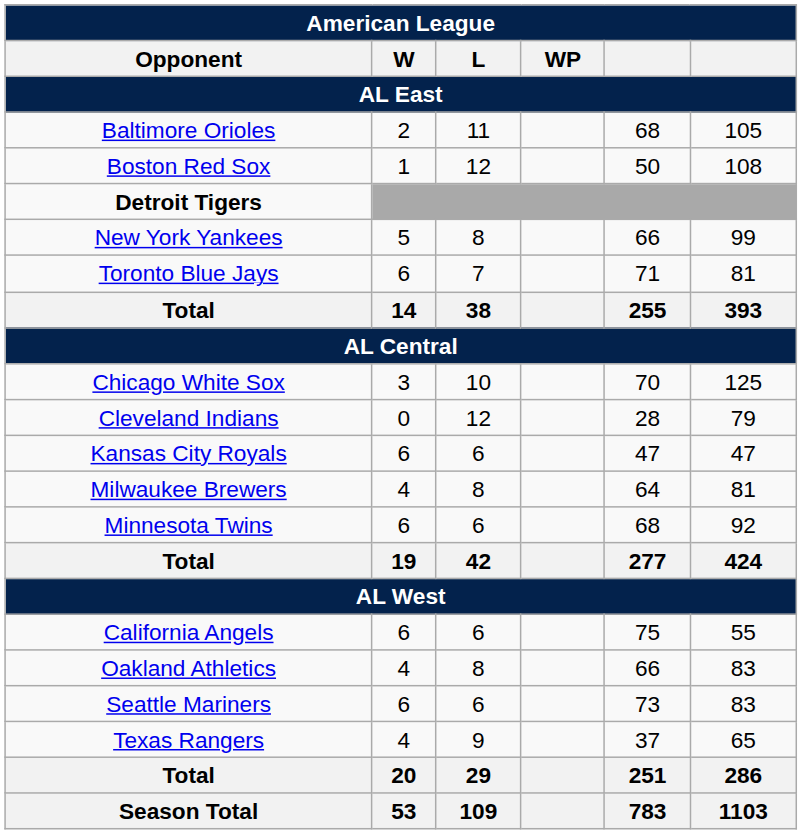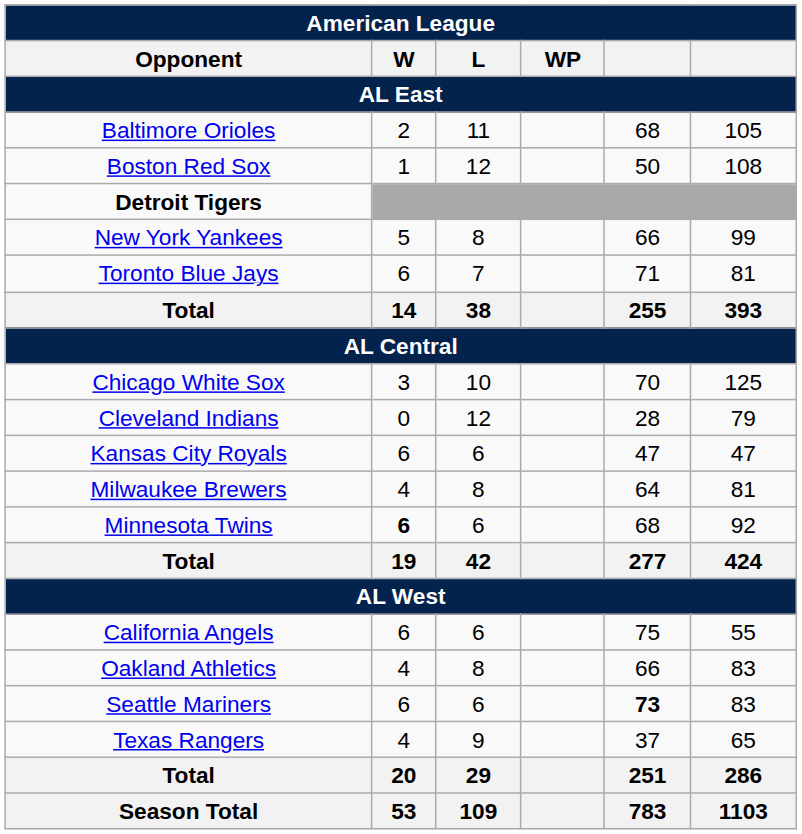 <table class="wikitable" style="font-size:95%; text-align:center; width:35em;margin: 0.5em auto;">
 <tr>
 <th colspan="7" style="background:#03224c; color:#ffffff;">American League</th>
 </tr>
 <tr>
 <th>Opponent</th>
 <th>W</th>
 <th>L</th>
 <th>WP</th>
 <th></th>
 <th></th>
 </tr>
 <tr>
 <th colspan="7" style="background:#03224c; color:#ffffff;">AL East</th>
 </tr>
 <tr>
 <td><a href='#'>Baltimore Orioles</a></td>
 <td>2</td>
 <td>11</td>
 <td></td>
 <td>68</td>
 <td>105</td>
 </tr>
 <tr>
 <td><a href='#'>Boston Red Sox</a></td>
 <td>1</td>
 <td>12</td>
 <td></td>
 <td>50</td>
 <td>108</td>
 </tr>
 <tr>
 <td><strong>Detroit Tigers</strong></td>
 <td colspan=5 style="background:darkgray;"></td>
 </tr>
 <tr>
 <td><a href='#'>New York Yankees</a></td>
 <td>5</td>
 <td>8</td>
 <td></td>
 <td>66</td>
 <td>99</td>
 </tr>
 <tr>
 <td><a href='#'>Toronto Blue Jays</a></td>
 <td>6</td>
 <td>7</td>
 <td></td>
 <td>71</td>
 <td>81</td>
 </tr>
 <tr>
 <th>Total</th>
 <th>14</th>
 <th>38</th>
 <th></th>
 <th>255</th>
 <th>393</th>
 </tr>
 <tr>
 <th colspan="7" style="background:#03224c; color:#ffffff;">AL Central</th>
 </tr>
 <tr>
 <td><a href='#'>Chicago White Sox</a></td>
 <td>3</td>
 <td>10</td>
 <td></td>
 <td>70</td>
 <td>125</td>
 </tr>
 <tr>
 <td><a href='#'>Cleveland Indians</a></td>
 <td>0</td>
 <td>12</td>
 <td></td>
 <td>28</td>
 <td>79</td>
 </tr>
 <tr>
 <td><a href='#'>Kansas City Royals</a></td>
 <td>6</td>
 <td>6</td>
 <td></td>
 <td>47</td>
 <td>47</td>
 </tr>
 <tr>
 <td><a href='#'>Milwaukee Brewers</a></td>
 <td>4</td>
 <td>8</td>
 <td></td>
 <td>64</td>
 <td>81</td>
 </tr>
 <tr>
 <td><a href='#'>Minnesota Twins</a></td>
-<td>6</td>
+<td><strong>6</strong></td>
 <td>6</td>
 <td></td>
 <td>68</td>
 <td>92</td>
 </tr>
 <tr>
 <th>Total</th>
 <th>19</th>
 <th>42</th>
 <th></th>
 <th>277</th>
 <th>424</th>
 </tr>
 <tr>
 <th colspan="7" style="background:#03224c; color:#ffffff;">AL West</th>
 </tr>
 <tr>
 <td><a href='#'>California Angels</a></td>
 <td>6</td>
 <td>6</td>
 <td></td>
 <td>75</td>
 <td>55</td>
 </tr>
 <tr>
 <td><a href='#'>Oakland Athletics</a></td>
 <td>4</td>
 <td>8</td>
 <td></td>
 <td>66</td>
 <td>83</td>
 </tr>
 <tr>
 <td><a href='#'>Seattle Mariners</a></td>
 <td>6</td>
 <td>6</td>
 <td></td>
-<td>73</td>
+<td><strong>73</strong></td>
 <td>83</td>
 </tr>
 <tr>
 <td><a href='#'>Texas Rangers</a></td>
 <td>4</td>
 <td>9</td>
 <td></td>
 <td>37</td>
 <td>65</td>
 </tr>
 <tr>
 <th>Total</th>
 <th>20</th>
 <th>29</th>
 <th></th>
 <th>251</th>
 <th>286</th>
 </tr>
 <tr>
 <th>Season Total</th>
 <th>53</th>
 <th>109</th>
 <th></th>
 <th>783</th>
 <th>1103</th>
 </tr>
 </table>
